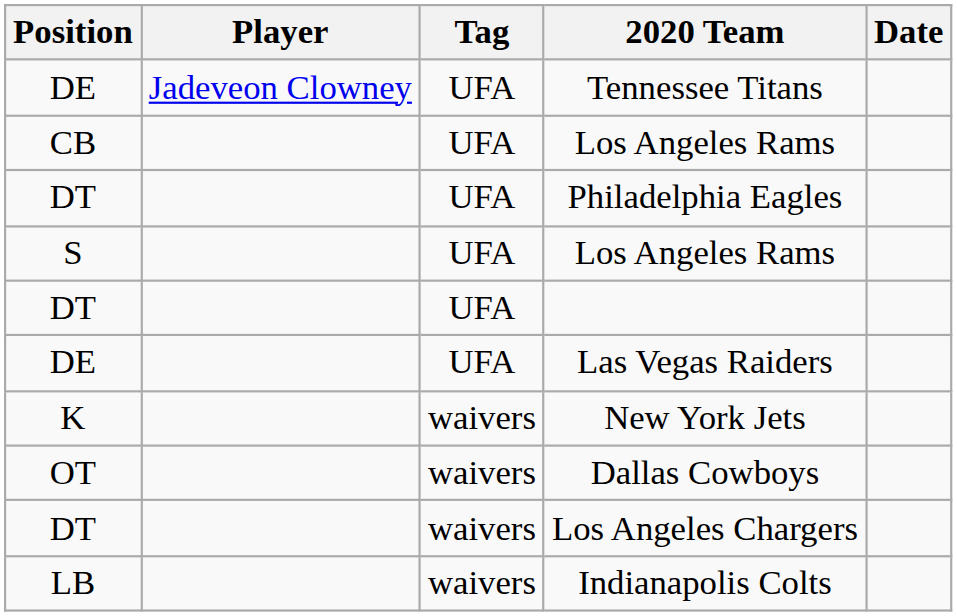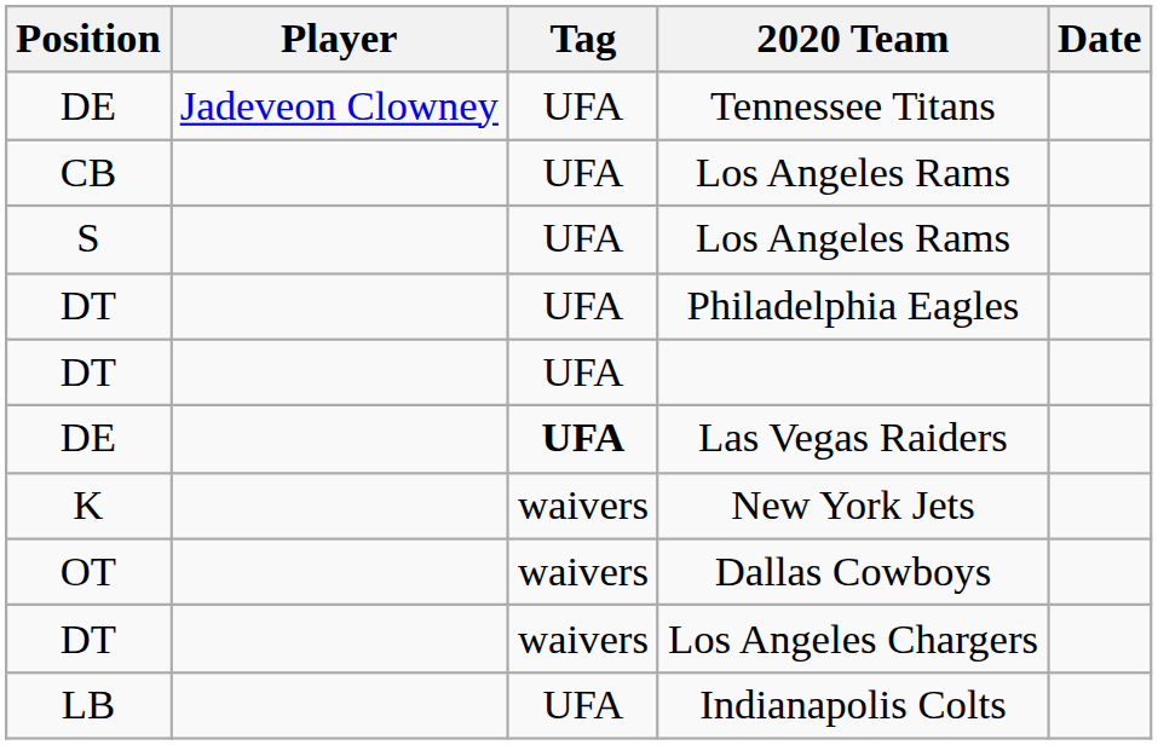 <table class="wikitable sortable" style="text-align:center">
 <tr>
 <th>Position</th>
 <th>Player</th>
 <th>Tag</th>
 <th>2020 Team</th>
 <th>Date</th>
 </tr>
 <tr>
 <td>DE</td>
 <td><a href='#'>Jadeveon Clowney</a></td>
 <td>UFA</td>
 <td>Tennessee Titans</td>
 <td></td>
 </tr>
 <tr>
 <td>CB</td>
 <td></td>
 <td>UFA</td>
 <td>Los Angeles Rams</td>
 <td></td>
 </tr>
 <tr>
+<td>S</td>
+<td></td>
+<td>UFA</td>
+<td>Los Angeles Rams</td>
+<td></td>
+</tr>
+<tr>
 <td>DT</td>
 <td></td>
 <td>UFA</td>
 <td>Philadelphia Eagles</td>
-<td></td>
-</tr>
-<tr>
-<td>S</td>
-<td></td>
-<td>UFA</td>
-<td>Los Angeles Rams</td>
 <td></td>
 </tr>
 <tr>
 <td>DT</td>
 <td></td>
 <td>UFA</td>
 <td></td>
 <td></td>
 </tr>
 <tr>
 <td>DE</td>
 <td></td>
-<td>UFA</td>
+<td><strong>UFA</strong></td>
 <td>Las Vegas Raiders</td>
 <td></td>
 </tr>
 <tr>
 <td>K</td>
 <td></td>
 <td>waivers</td>
 <td>New York Jets</td>
 <td></td>
 </tr>
 <tr>
 <td>OT</td>
 <td></td>
 <td>waivers</td>
 <td>Dallas Cowboys</td>
 <td></td>
 </tr>
 <tr>
 <td>DT</td>
 <td></td>
 <td>waivers</td>
 <td>Los Angeles Chargers</td>
 <td></td>
 </tr>
 <tr>
 <td>LB</td>
 <td></td>
-<td>waivers</td>
+<td>UFA</td>
 <td>Indianapolis Colts</td>
 <td></td>
 </tr>
 </table>
